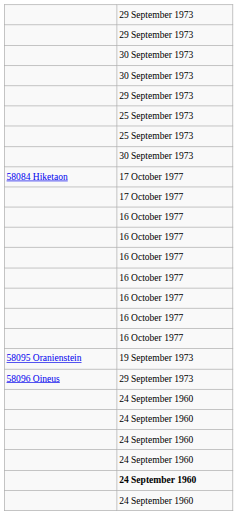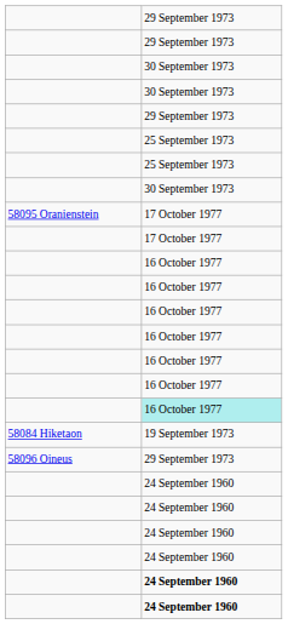 <table class="wikitable" style="font-size: 89%; float: left; width: 24em; margin-right: 1em; line-height: 1.65em">
 <tr>
 <td></td>
 <td>29 September 1973</td>
 </tr>
 <tr>
 <td></td>
 <td>29 September 1973</td>
 </tr>
 <tr>
 <td></td>
 <td>30 September 1973</td>
 </tr>
 <tr>
 <td></td>
 <td>30 September 1973</td>
 </tr>
 <tr>
 <td></td>
 <td>29 September 1973</td>
 </tr>
 <tr>
 <td></td>
 <td>25 September 1973</td>
 </tr>
 <tr>
 <td></td>
 <td>25 September 1973</td>
 </tr>
 <tr>
 <td></td>
 <td>30 September 1973</td>
 </tr>
 <tr>
-<td><a href='#'>58084 Hiketaon</a></td>
+<td><a href='#'>58095 Oranienstein</a></td>
 <td>17 October 1977</td>
 </tr>
 <tr>
 <td></td>
 <td>17 October 1977</td>
 </tr>
 <tr>
 <td></td>
 <td>16 October 1977</td>
 </tr>
 <tr>
 <td></td>
 <td>16 October 1977</td>
 </tr>
 <tr>
 <td></td>
 <td>16 October 1977</td>
 </tr>
 <tr>
 <td></td>
 <td>16 October 1977</td>
 </tr>
 <tr>
 <td></td>
 <td>16 October 1977</td>
 </tr>
 <tr>
 <td></td>
 <td>16 October 1977</td>
 </tr>
 <tr>
 <td></td>
-<td>16 October 1977</td>
+<td style="background: paleturquoise;">16 October 1977</td>
 </tr>
 <tr>
-<td><a href='#'>58095 Oranienstein</a></td>
+<td><a href='#'>58084 Hiketaon</a></td>
 <td>19 September 1973</td>
 </tr>
 <tr>
 <td><a href='#'>58096 Oineus</a></td>
 <td>29 September 1973</td>
 </tr>
 <tr>
 <td></td>
 <td>24 September 1960</td>
 </tr>
 <tr>
 <td></td>
 <td>24 September 1960</td>
 </tr>
 <tr>
 <td></td>
 <td>24 September 1960</td>
 </tr>
 <tr>
 <td></td>
 <td>24 September 1960</td>
 </tr>
 <tr>
 <td></td>
 <td><strong>24 September 1960</strong></td>
 </tr>
 <tr>
 <td></td>
-<td>24 September 1960</td>
+<td><strong>24 September 1960</strong></td>
 </tr>
 </table>
